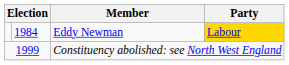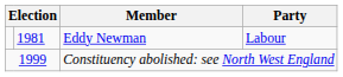 <table class="wikitable">
 <tr>
 <th colspan="2">Election</th>
 <th>Member</th>
 <th>Party</th>
 </tr>
 <tr>
 <td style="background-color: "></td>
-<td><a href='#'>1984</a></td>
+<td><a href='#'>1981</a></td>
 <td><a href='#'>Eddy Newman</a></td>
-<td style="background: gold;"><a href='#'>Labour</a></td>
+<td><a href='#'>Labour</a></td>
 </tr>
 <tr>
 <td colspan="2" align="center"><a href='#'>1999</a></td>
 <td colspan="2"><em>Constituency abolished: see <a href='#'>North West England</a></em></td>
 </tr>
 </table>
